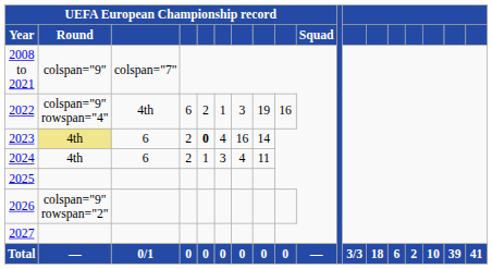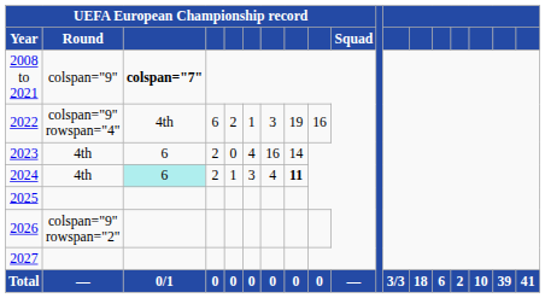 <table class="wikitable" style="text-align: center;">
 <tr>
 <th colspan="10" style="background:#244AA5; color:white; ">UEFA European Championship record</th>
 <th rowspan="20" style="background:#244AA5"></th>
 <th colspan="7" style="background:#244AA5; color:white; "></th>
 </tr>
 <tr>
 <th style="background:#244AA5; color:white; ">Year</th>
 <th style="background:#244AA5; color:white; ">Round</th>
 <th width="28" style="background:#244AA5; color:white; "></th>
 <th width="28" style="background:#244AA5; color:white; "></th>
 <th width="28" style="background:#244AA5; color:white; "></th>
 <th width="28" style="background:#244AA5; color:white; "></th>
 <th width="28" style="background:#244AA5; color:white; "></th>
 <th width="28" style="background:#244AA5; color:white; "></th>
 <th width="28" style="background:#244AA5; color:white; "></th>
 <th style="background:#244AA5; color:white; ">Squad</th>
 <th width="28" style="background:#244AA5; color:white; "></th>
 <th width="28" style="background:#244AA5; color:white; "></th>
 <th width="28" style="background:#244AA5; color:white; "></th>
 <th width="28" style="background:#244AA5; color:white; "></th>
 <th width="28" style="background:#244AA5; color:white; "></th>
 <th width="28" style="background:#244AA5; color:white; "></th>
 <th width="28" style="background:#244AA5; color:white; "></th>
 </tr>
 <tr>
 <td> <a href='#'>2008</a> to  <a href='#'>2021</a></td>
 <td>colspan="9" </td>
-<td>colspan="7" </td>
+<td><strong>colspan="7" </strong></td>
 </tr>
 <tr>
 <td> <a href='#'>2022</a></td>
 <td>colspan="9" rowspan="4" </td>
 <td>4th</td>
 <td>6</td>
 <td>2</td>
 <td>1</td>
 <td>3</td>
 <td>19</td>
 <td>16</td>
 </tr>
 <tr>
 <td> <a href='#'>2023</a></td>
-<td style="background: khaki;">4th</td>
+<td>4th</td>
 <td>6</td>
 <td>2</td>
-<td><strong>0</strong></td>
+<td>0</td>
 <td>4</td>
 <td>16</td>
 <td>14</td>
 </tr>
 <tr>
 <td> <a href='#'>2024</a></td>
 <td>4th</td>
-<td>6</td>
+<td style="background: paleturquoise;">6</td>
 <td>2</td>
 <td>1</td>
 <td>3</td>
 <td>4</td>
-<td>11</td>
+<td><strong>11</strong></td>
 </tr>
 <tr>
 <td> <a href='#'>2025</a></td>
 <td></td>
 <td></td>
 <td></td>
 <td></td>
 <td></td>
 <td></td>
 <td></td>
 </tr>
 <tr>
 <td> <a href='#'>2026</a></td>
 <td>colspan="9" rowspan="2"</td>
 <td></td>
 <td></td>
 <td></td>
 <td></td>
 <td></td>
 <td></td>
 <td></td>
 </tr>
 <tr>
 <td> <a href='#'>2027</a></td>
 <td></td>
 <td></td>
 <td></td>
 <td></td>
 <td></td>
 <td></td>
 <td></td>
 </tr>
 <tr>
 <th style="background:#244AA5; color:white; ">Total</th>
 <th style="background:#244AA5; color:white; ">—</th>
 <th style="background:#244AA5; color:white; ">0/1</th>
 <th style="background:#244AA5; color:white; ">0</th>
 <th style="background:#244AA5; color:white; ">0</th>
 <th style="background:#244AA5; color:white; ">0</th>
 <th style="background:#244AA5; color:white; ">0</th>
 <th style="background:#244AA5; color:white; ">0</th>
 <th style="background:#244AA5; color:white; ">0</th>
 <th style="background:#244AA5; color:white; ">—</th>
 <th style="background:#244AA5; color:white; ">3/3</th>
 <th style="background:#244AA5; color:white; ">18</th>
 <th style="background:#244AA5; color:white; ">6</th>
 <th style="background:#244AA5; color:white; ">2</th>
 <th style="background:#244AA5; color:white; ">10</th>
 <th style="background:#244AA5; color:white; ">39</th>
 <th style="background:#244AA5; color:white; ">41</th>
 </tr>
 </table>
